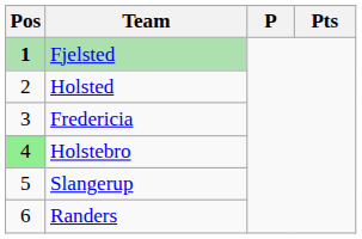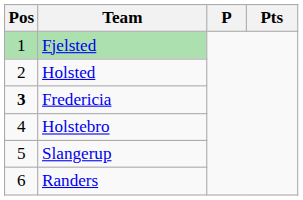 <table class="wikitable" style="font-size: 100%">
 <tr>
 <th width=20>Pos</th>
 <th width=150>Team</th>
 <th width=30>P</th>
 <th width=40>Pts</th>
 </tr>
 <tr align=center style="background:#ACE1AF;">
-<td><strong>1</strong></td>
+<td>1</td>
 <td align="left"><a href='#'>Fjelsted</a></td>
 </tr>
 <tr align=center>
 <td>2</td>
 <td align="left"><a href='#'>Holsted</a></td>
 </tr>
 <tr align=center>
-<td>3</td>
+<td><strong>3</strong></td>
 <td align="left"><a href='#'>Fredericia</a></td>
 </tr>
 <tr align=center>
-<td style="background: lightgreen;">4</td>
+<td>4</td>
 <td align="left"><a href='#'>Holstebro</a></td>
 </tr>
 <tr align=center>
 <td>5</td>
 <td align="left"><a href='#'>Slangerup</a></td>
 </tr>
 <tr align=center>
 <td>6</td>
 <td align="left"><a href='#'>Randers</a></td>
 </tr>
 </table>
